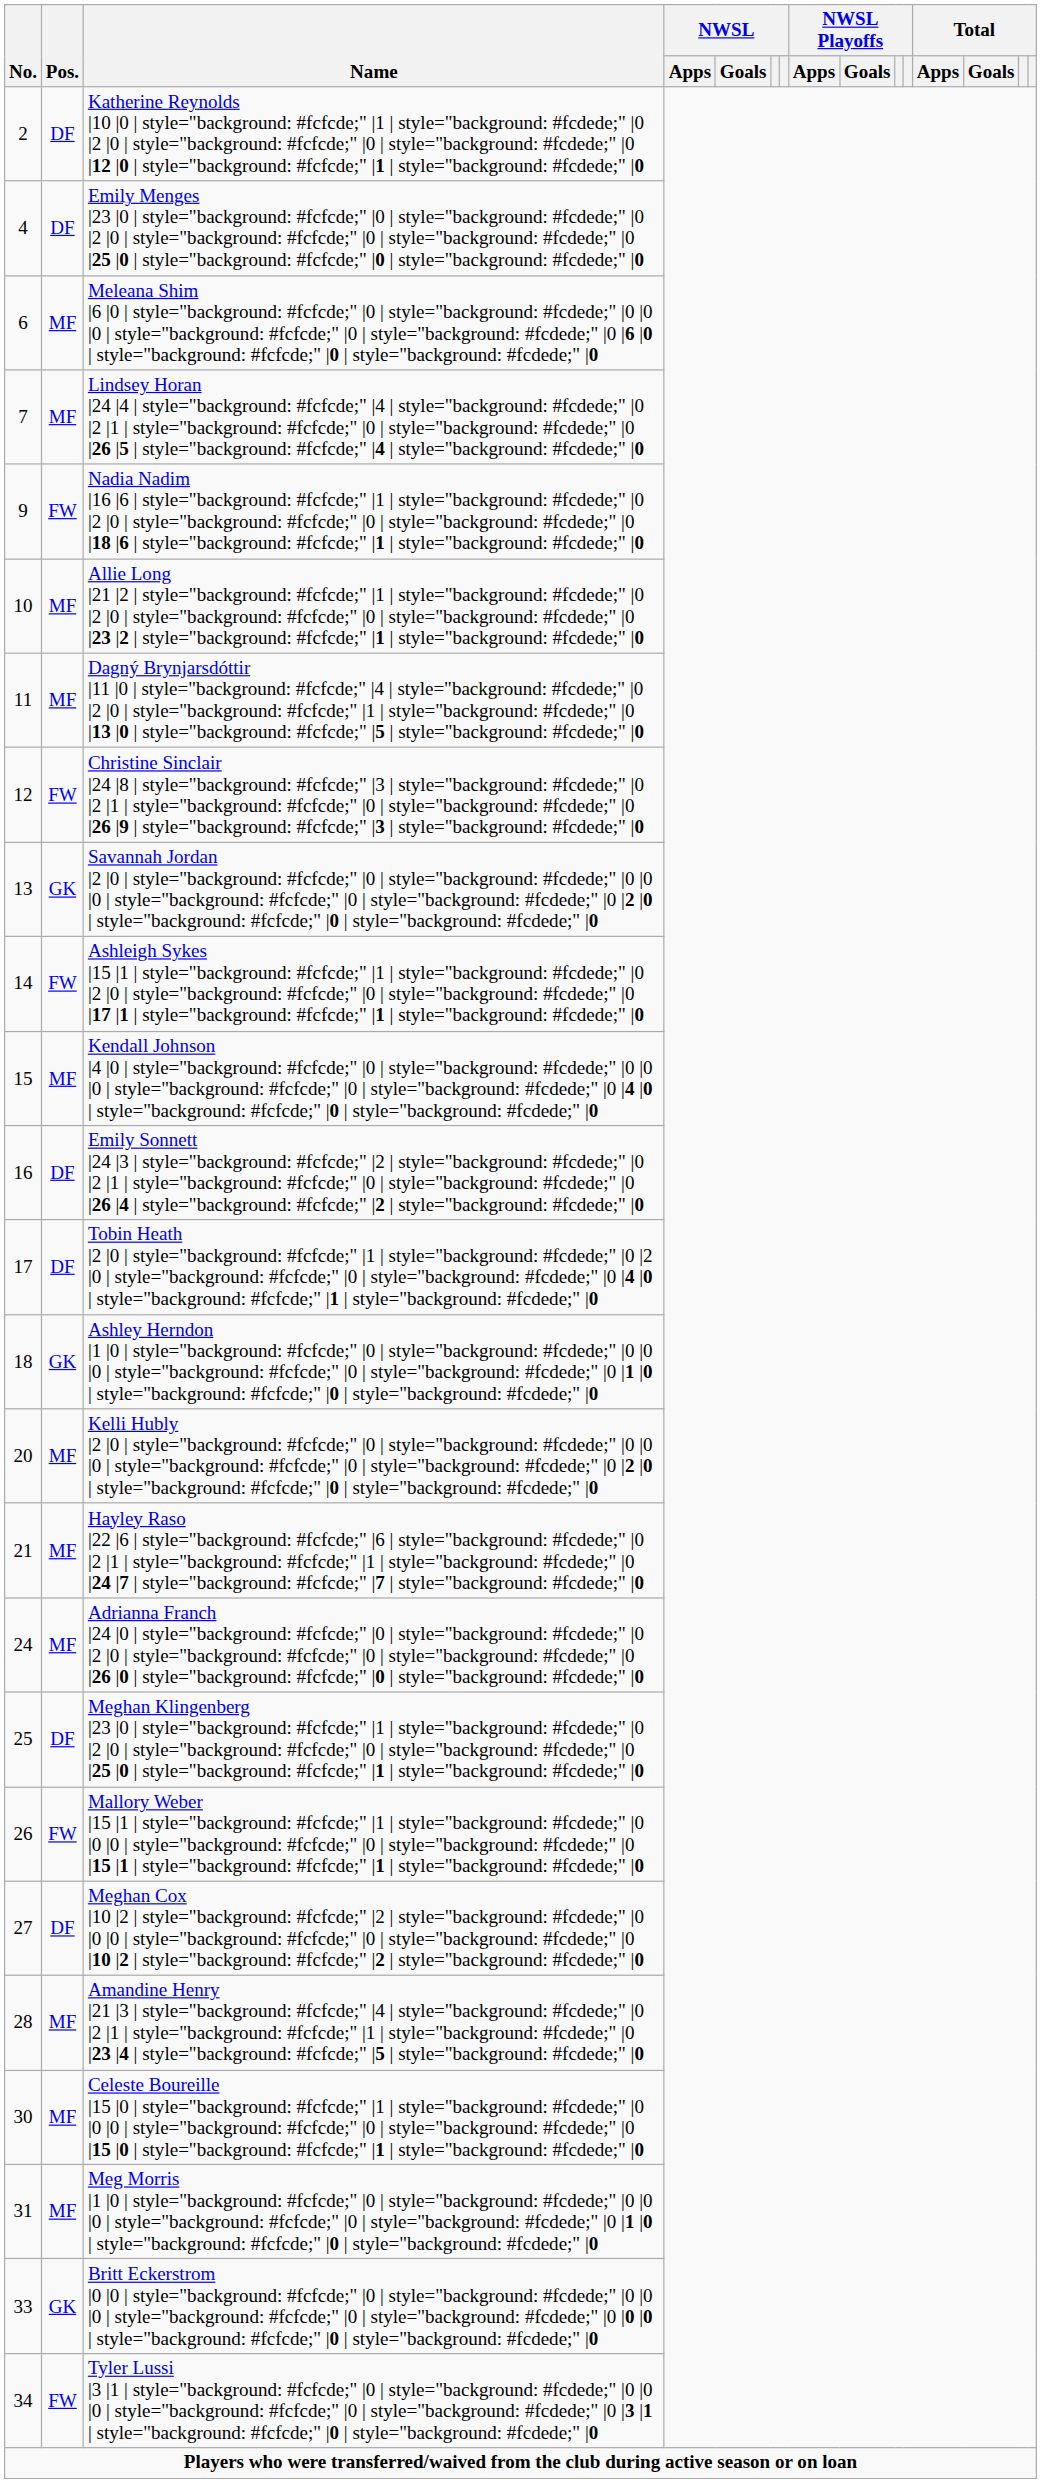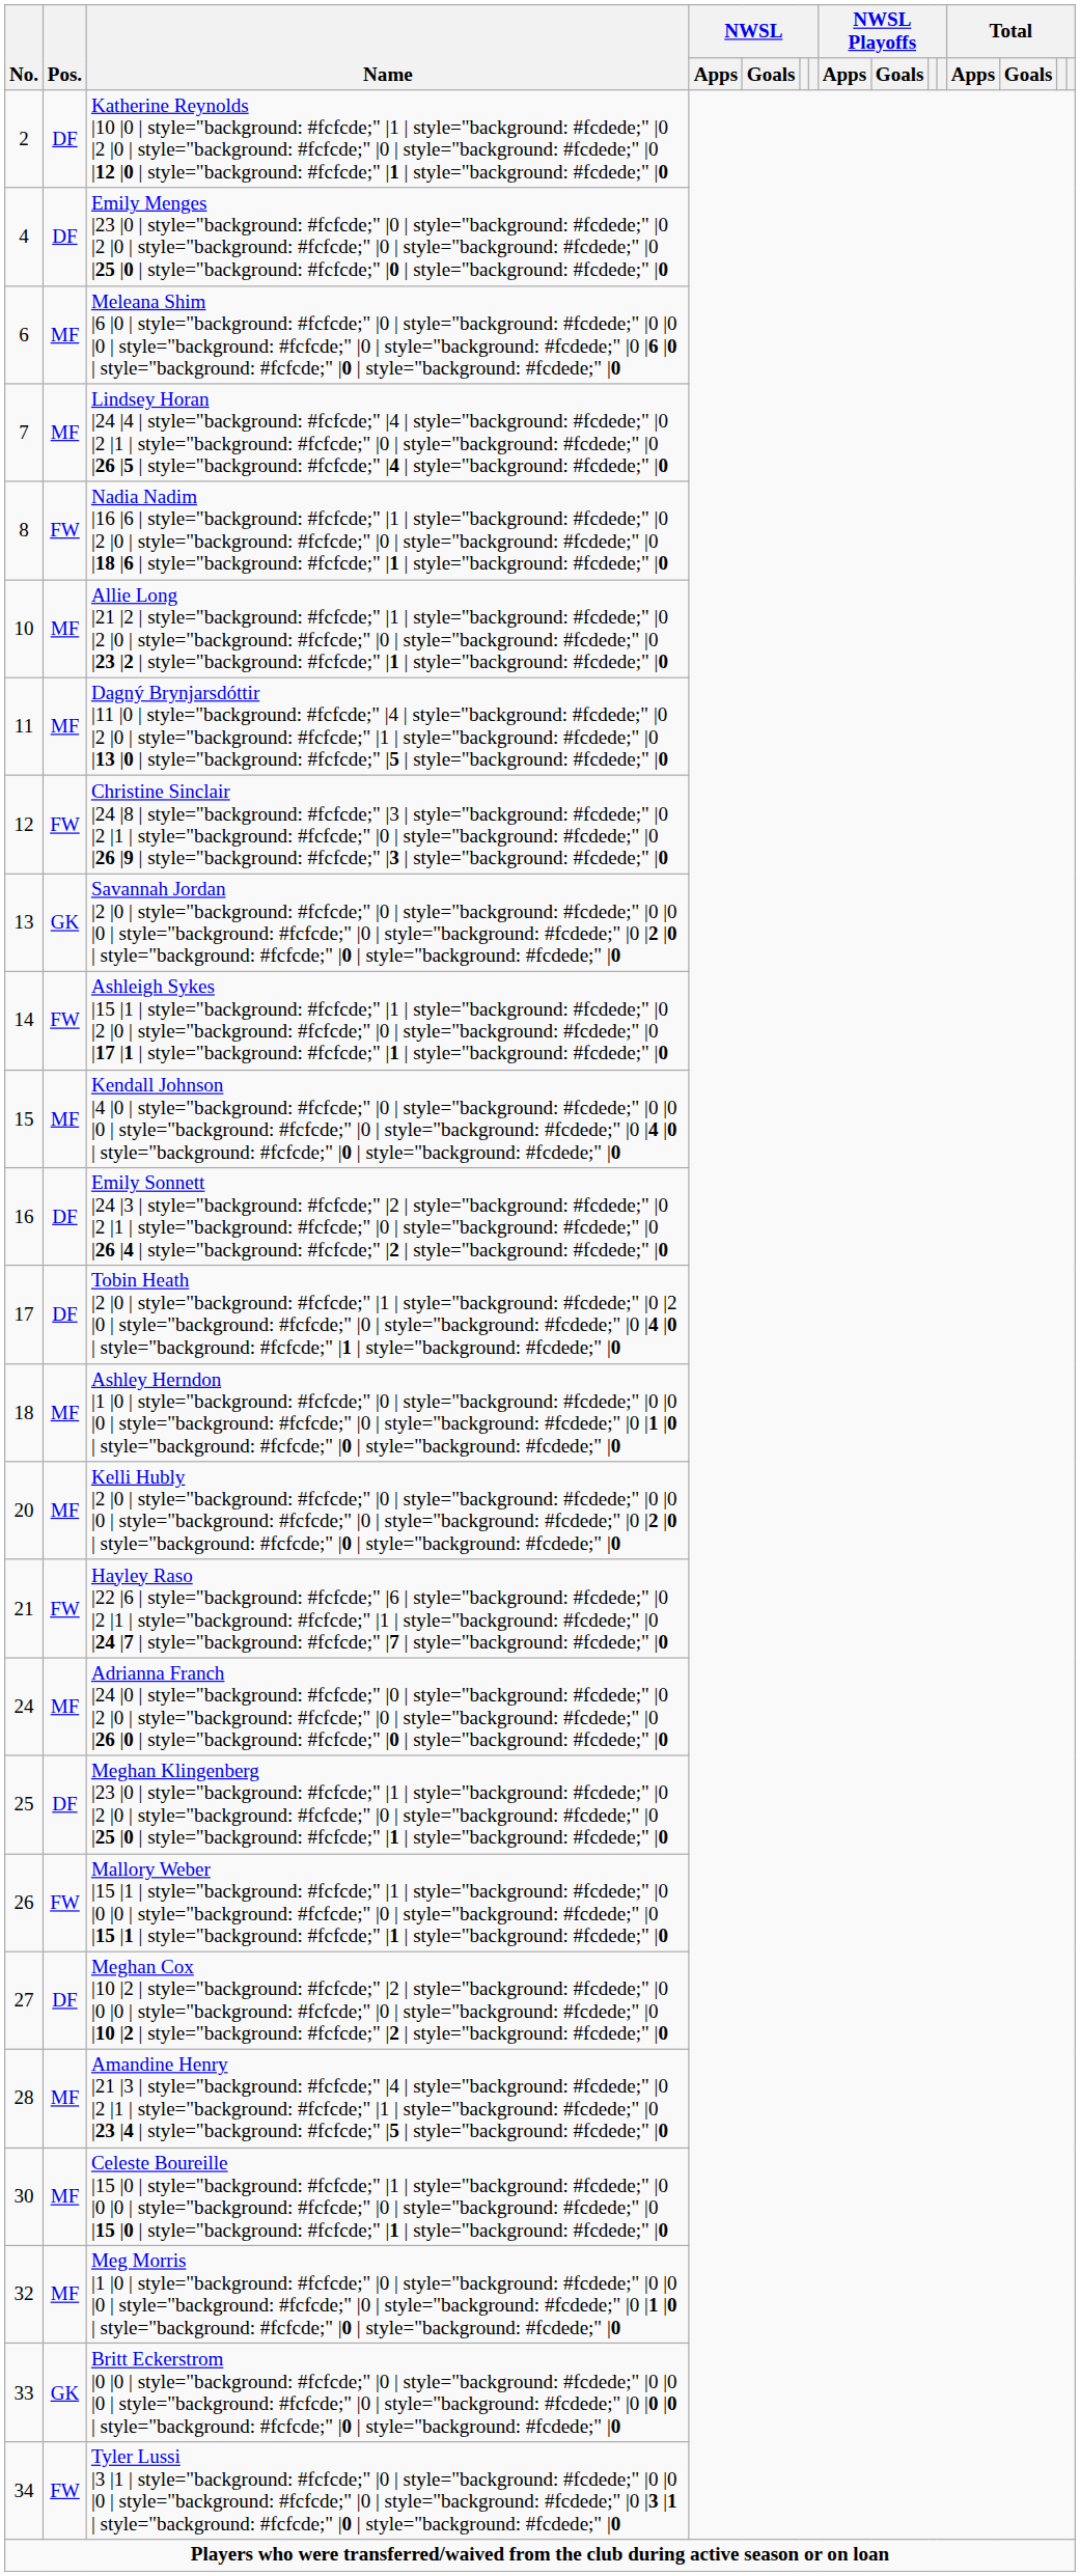 <table class="wikitable" style="text-align:center" sortable=yes>
 <tr>
 <th rowspan="2" style="vertical-align:bottom;">No.</th>
 <th rowspan="2" style="vertical-align:bottom;">Pos.</th>
 <th rowspan="2" style="vertical-align:bottom;">Name</th>
 <th colspan="4" style="width:85px;"><a href='#'>NWSL</a></th>
 <th colspan="4" style="width:85px;"><a href='#'>NWSL Playoffs</a></th>
 <th colspan="4" style="width:85px;">Total</th>
 </tr>
 <tr>
 <th>Apps</th>
 <th>Goals</th>
 <th></th>
 <th></th>
 <th>Apps</th>
 <th>Goals</th>
 <th></th>
 <th></th>
 <th>Apps</th>
 <th>Goals</th>
 <th></th>
 <th></th>
 </tr>
 <tr>
 <td>2</td>
 <td><a href='#'>DF</a></td>
 <td align="left"> <a href='#'>Katherine Reynolds</a><br>                                        |10                                        |0  | style="background: #fcfcde;"      |1     | style="background: #fcdede;"      |0                                       |2                                     |0  | style="background: #fcfcde;"   |0  | style="background: #fcdede;"      |0                                       |<strong>12</strong>                                      |<strong>0</strong>  | style="background: #fcfcde;"    |<strong>1</strong>  | style="background: #fcdede;"       |<strong>0</strong></td>
 </tr>
 <tr>
 <td>4</td>
 <td><a href='#'>DF</a></td>
 <td align="left"> <a href='#'>Emily Menges</a><br>                                        |23                                        |0  | style="background: #fcfcde;"      |0     | style="background: #fcdede;"      |0                                       |2                                     |0  | style="background: #fcfcde;"   |0  | style="background: #fcdede;"      |0                                       |<strong>25</strong>                                      |<strong>0</strong>  | style="background: #fcfcde;"    |<strong>0</strong>  | style="background: #fcdede;"       |<strong>0</strong></td>
 </tr>
 <tr>
 <td>6</td>
 <td><a href='#'>MF</a></td>
 <td align="left"> <a href='#'>Meleana Shim</a><br>                                        |6                                        |0  | style="background: #fcfcde;"      |0     | style="background: #fcdede;"      |0                                       |0                                     |0  | style="background: #fcfcde;"   |0  | style="background: #fcdede;"      |0                                       |<strong>6</strong>                                      |<strong>0</strong>  | style="background: #fcfcde;"    |<strong>0</strong>  | style="background: #fcdede;"       |<strong>0</strong></td>
 </tr>
 <tr>
 <td>7</td>
 <td><a href='#'>MF</a></td>
 <td align="left"> <a href='#'>Lindsey Horan</a><br>                                        |24                                        |4  | style="background: #fcfcde;"      |4     | style="background: #fcdede;"      |0                                       |2                                     |1  | style="background: #fcfcde;"   |0  | style="background: #fcdede;"      |0                                       |<strong>26</strong>                                      |<strong>5</strong>  | style="background: #fcfcde;"    |<strong>4</strong>  | style="background: #fcdede;"       |<strong>0</strong></td>
 </tr>
 <tr>
-<td>9</td>
+<td>8</td>
 <td><a href='#'>FW</a></td>
 <td align="left"> <a href='#'>Nadia Nadim</a><br>                                        |16                                        |6  | style="background: #fcfcde;"      |1     | style="background: #fcdede;"      |0                                       |2                                     |0  | style="background: #fcfcde;"   |0  | style="background: #fcdede;"      |0                                       |<strong>18</strong>                                      |<strong>6</strong>  | style="background: #fcfcde;"    |<strong>1</strong>  | style="background: #fcdede;"       |<strong>0</strong></td>
 </tr>
 <tr>
 <td>10</td>
 <td><a href='#'>MF</a></td>
 <td align="left"> <a href='#'>Allie Long</a><br>                                        |21                                        |2  | style="background: #fcfcde;"      |1     | style="background: #fcdede;"      |0                                       |2                                     |0  | style="background: #fcfcde;"   |0  | style="background: #fcdede;"      |0                                       |<strong>23</strong>                                      |<strong>2</strong>  | style="background: #fcfcde;"    |<strong>1</strong>  | style="background: #fcdede;"       |<strong>0</strong></td>
 </tr>
 <tr>
 <td>11</td>
 <td><a href='#'>MF</a></td>
 <td align="left"> <a href='#'>Dagný Brynjarsdóttir</a><br>                                        |11                                        |0  | style="background: #fcfcde;"      |4     | style="background: #fcdede;"      |0                                       |2                                     |0  | style="background: #fcfcde;"   |1  | style="background: #fcdede;"      |0                                       |<strong>13</strong>                                      |<strong>0</strong>  | style="background: #fcfcde;"    |<strong>5</strong>  | style="background: #fcdede;"       |<strong>0</strong></td>
 </tr>
 <tr>
 <td>12</td>
 <td><a href='#'>FW</a></td>
 <td align="left"> <a href='#'>Christine Sinclair</a><br>                                        |24                                        |8  | style="background: #fcfcde;"      |3     | style="background: #fcdede;"      |0                                       |2                                     |1  | style="background: #fcfcde;"   |0  | style="background: #fcdede;"      |0                                       |<strong>26</strong>                                      |<strong>9</strong>  | style="background: #fcfcde;"    |<strong>3</strong>  | style="background: #fcdede;"       |<strong>0</strong></td>
 </tr>
 <tr>
 <td>13</td>
 <td><a href='#'>GK</a></td>
 <td align="left"> <a href='#'>Savannah Jordan</a><br>                                        |2                                        |0  | style="background: #fcfcde;"      |0     | style="background: #fcdede;"      |0                                       |0                                     |0  | style="background: #fcfcde;"   |0  | style="background: #fcdede;"      |0                                       |<strong>2</strong>                                      |<strong>0</strong>  | style="background: #fcfcde;"    |<strong>0</strong>  | style="background: #fcdede;"       |<strong>0</strong></td>
 </tr>
 <tr>
 <td>14</td>
 <td><a href='#'>FW</a></td>
 <td align="left"> <a href='#'>Ashleigh Sykes</a><br>                                        |15                                        |1  | style="background: #fcfcde;"      |1     | style="background: #fcdede;"      |0                                       |2                                     |0  | style="background: #fcfcde;"   |0  | style="background: #fcdede;"      |0                                       |<strong>17</strong>                                      |<strong>1</strong>  | style="background: #fcfcde;"    |<strong>1</strong>  | style="background: #fcdede;"       |<strong>0</strong></td>
 </tr>
 <tr>
 <td>15</td>
 <td><a href='#'>MF</a></td>
 <td align="left"> <a href='#'>Kendall Johnson</a><br>                                        |4                                        |0  | style="background: #fcfcde;"      |0     | style="background: #fcdede;"      |0                                       |0                                     |0  | style="background: #fcfcde;"   |0  | style="background: #fcdede;"      |0                                       |<strong>4</strong>                                      |<strong>0</strong>  | style="background: #fcfcde;"    |<strong>0</strong>  | style="background: #fcdede;"       |<strong>0</strong></td>
 </tr>
 <tr>
 <td>16</td>
 <td><a href='#'>DF</a></td>
 <td align="left"> <a href='#'>Emily Sonnett</a><br>                                        |24                                        |3  | style="background: #fcfcde;"      |2     | style="background: #fcdede;"      |0                                       |2                                     |1  | style="background: #fcfcde;"   |0  | style="background: #fcdede;"      |0                                       |<strong>26</strong>                                      |<strong>4</strong>  | style="background: #fcfcde;"    |<strong>2</strong>  | style="background: #fcdede;"       |<strong>0</strong></td>
 </tr>
 <tr>
 <td>17</td>
 <td><a href='#'>DF</a></td>
 <td align="left"> <a href='#'>Tobin Heath</a><br>                                        |2                                        |0  | style="background: #fcfcde;"      |1     | style="background: #fcdede;"      |0                                       |2                                     |0  | style="background: #fcfcde;"   |0  | style="background: #fcdede;"      |0                                       |<strong>4</strong>                                      |<strong>0</strong>  | style="background: #fcfcde;"    |<strong>1</strong>  | style="background: #fcdede;"       |<strong>0</strong></td>
 </tr>
 <tr>
 <td>18</td>
-<td><a href='#'>GK</a></td>
+<td><a href='#'>MF</a></td>
 <td align="left"> <a href='#'>Ashley Herndon</a><br>                                        |1                                        |0  | style="background: #fcfcde;"      |0     | style="background: #fcdede;"      |0                                       |0                                     |0  | style="background: #fcfcde;"   |0  | style="background: #fcdede;"      |0                                       |<strong>1</strong>                                      |<strong>0</strong>  | style="background: #fcfcde;"    |<strong>0</strong>  | style="background: #fcdede;"       |<strong>0</strong></td>
 </tr>
 <tr>
 <td>20</td>
 <td><a href='#'>MF</a></td>
 <td align="left"> <a href='#'>Kelli Hubly</a><br>                                        |2                                        |0  | style="background: #fcfcde;"      |0     | style="background: #fcdede;"      |0                                       |0                                     |0  | style="background: #fcfcde;"   |0  | style="background: #fcdede;"      |0                                       |<strong>2</strong>                                      |<strong>0</strong>  | style="background: #fcfcde;"    |<strong>0</strong>  | style="background: #fcdede;"       |<strong>0</strong></td>
 </tr>
 <tr>
 <td>21</td>
-<td><a href='#'>MF</a></td>
+<td><a href='#'>FW</a></td>
 <td align="left"> <a href='#'>Hayley Raso</a><br>                                        |22                                        |6  | style="background: #fcfcde;"      |6     | style="background: #fcdede;"      |0                                       |2                                     |1  | style="background: #fcfcde;"   |1  | style="background: #fcdede;"      |0                                       |<strong>24</strong>                                      |<strong>7</strong>  | style="background: #fcfcde;"    |<strong>7</strong>  | style="background: #fcdede;"       |<strong>0</strong></td>
 </tr>
 <tr>
 <td>24</td>
 <td><a href='#'>MF</a></td>
 <td align="left"> <a href='#'>Adrianna Franch</a><br>                                        |24                                        |0  | style="background: #fcfcde;"      |0     | style="background: #fcdede;"      |0                                       |2                                     |0  | style="background: #fcfcde;"   |0  | style="background: #fcdede;"      |0                                       |<strong>26</strong>                                      |<strong>0</strong>  | style="background: #fcfcde;"    |<strong>0</strong>  | style="background: #fcdede;"       |<strong>0</strong></td>
 </tr>
 <tr>
 <td>25</td>
 <td><a href='#'>DF</a></td>
 <td align="left"> <a href='#'>Meghan Klingenberg</a><br>                                        |23                                        |0  | style="background: #fcfcde;"      |1     | style="background: #fcdede;"      |0                                       |2                                     |0  | style="background: #fcfcde;"   |0  | style="background: #fcdede;"      |0                                       |<strong>25</strong>                                      |<strong>0</strong>  | style="background: #fcfcde;"    |<strong>1</strong>  | style="background: #fcdede;"       |<strong>0</strong></td>
 </tr>
 <tr>
 <td>26</td>
 <td><a href='#'>FW</a></td>
 <td align="left"> <a href='#'>Mallory Weber</a><br>                                        |15                                        |1  | style="background: #fcfcde;"      |1     | style="background: #fcdede;"      |0                                       |0                                     |0  | style="background: #fcfcde;"   |0  | style="background: #fcdede;"      |0                                       |<strong>15</strong>                                      |<strong>1</strong>  | style="background: #fcfcde;"    |<strong>1</strong>  | style="background: #fcdede;"       |<strong>0</strong></td>
 </tr>
 <tr>
 <td>27</td>
 <td><a href='#'>DF</a></td>
 <td align="left"> <a href='#'>Meghan Cox</a><br>                                        |10                                        |2  | style="background: #fcfcde;"      |2     | style="background: #fcdede;"      |0                                       |0                                     |0  | style="background: #fcfcde;"   |0  | style="background: #fcdede;"      |0                                       |<strong>10</strong>                                      |<strong>2</strong>  | style="background: #fcfcde;"    |<strong>2</strong>  | style="background: #fcdede;"       |<strong>0</strong></td>
 </tr>
 <tr>
 <td>28</td>
 <td><a href='#'>MF</a></td>
 <td align="left"> <a href='#'>Amandine Henry</a><br>                                        |21                                        |3  | style="background: #fcfcde;"      |4     | style="background: #fcdede;"      |0                                       |2                                     |1  | style="background: #fcfcde;"   |1  | style="background: #fcdede;"      |0                                       |<strong>23</strong>                                      |<strong>4</strong>  | style="background: #fcfcde;"    |<strong>5</strong>  | style="background: #fcdede;"       |<strong>0</strong></td>
 </tr>
 <tr>
 <td>30</td>
 <td><a href='#'>MF</a></td>
 <td align="left"> <a href='#'>Celeste Boureille</a><br>                                        |15                                        |0  | style="background: #fcfcde;"      |1     | style="background: #fcdede;"      |0                                       |0                                     |0  | style="background: #fcfcde;"   |0  | style="background: #fcdede;"      |0                                       |<strong>15</strong>                                      |<strong>0</strong>  | style="background: #fcfcde;"    |<strong>1</strong>  | style="background: #fcdede;"       |<strong>0</strong></td>
 </tr>
 <tr>
-<td>31</td>
+<td>32</td>
 <td><a href='#'>MF</a></td>
 <td align="left"> <a href='#'>Meg Morris</a><br>                                        |1                                        |0  | style="background: #fcfcde;"      |0     | style="background: #fcdede;"      |0                                       |0                                     |0  | style="background: #fcfcde;"   |0  | style="background: #fcdede;"      |0                                       |<strong>1</strong>                                      |<strong>0</strong>  | style="background: #fcfcde;"    |<strong>0</strong>  | style="background: #fcdede;"       |<strong>0</strong></td>
 </tr>
 <tr>
 <td>33</td>
 <td><a href='#'>GK</a></td>
 <td align="left"> <a href='#'>Britt Eckerstrom</a><br>                                        |0                                        |0  | style="background: #fcfcde;"      |0     | style="background: #fcdede;"      |0                                       |0                                     |0  | style="background: #fcfcde;"   |0  | style="background: #fcdede;"      |0                                       |<strong>0</strong>                                      |<strong>0</strong>  | style="background: #fcfcde;"    |<strong>0</strong>  | style="background: #fcdede;"       |<strong>0</strong></td>
 </tr>
 <tr>
 <td>34</td>
 <td><a href='#'>FW</a></td>
 <td align="left"> <a href='#'>Tyler Lussi</a><br>                                        |3                                        |1  | style="background: #fcfcde;"      |0     | style="background: #fcdede;"      |0                                       |0                                     |0  | style="background: #fcfcde;"   |0  | style="background: #fcdede;"      |0                                       |<strong>3</strong>                                      |<strong>1</strong>  | style="background: #fcfcde;"    |<strong>0</strong>  | style="background: #fcdede;"       |<strong>0</strong></td>
 </tr>
 <tr>
 <td colspan="15"><strong>Players who were transferred/waived from the club during active season or on loan</strong></td>
 </tr>
 <tr>
 </tr>
 <tr>
 </tr>
 </table>
